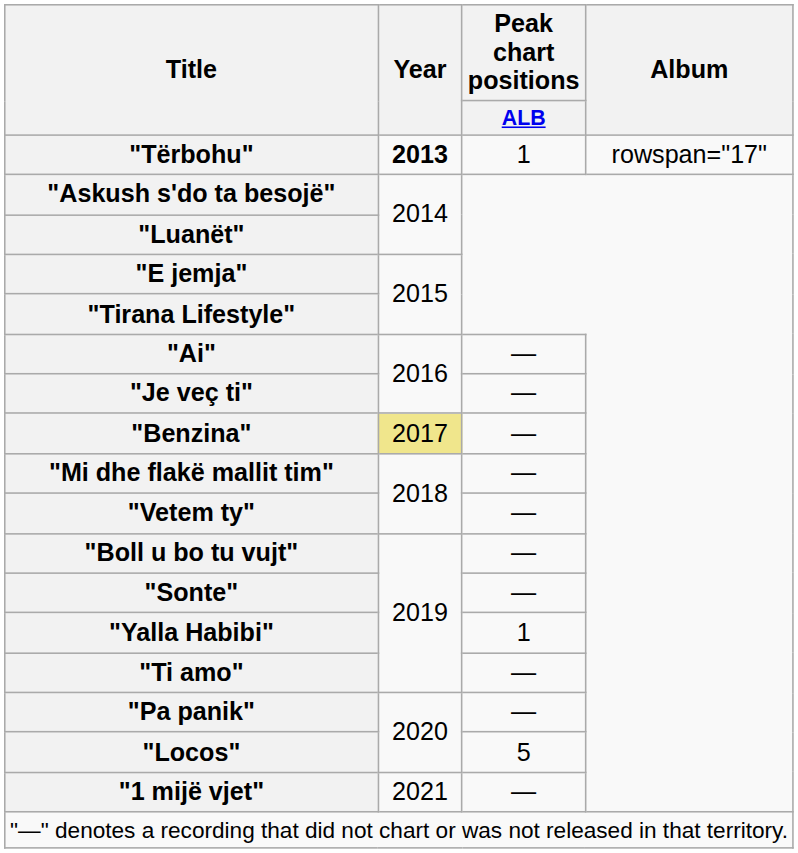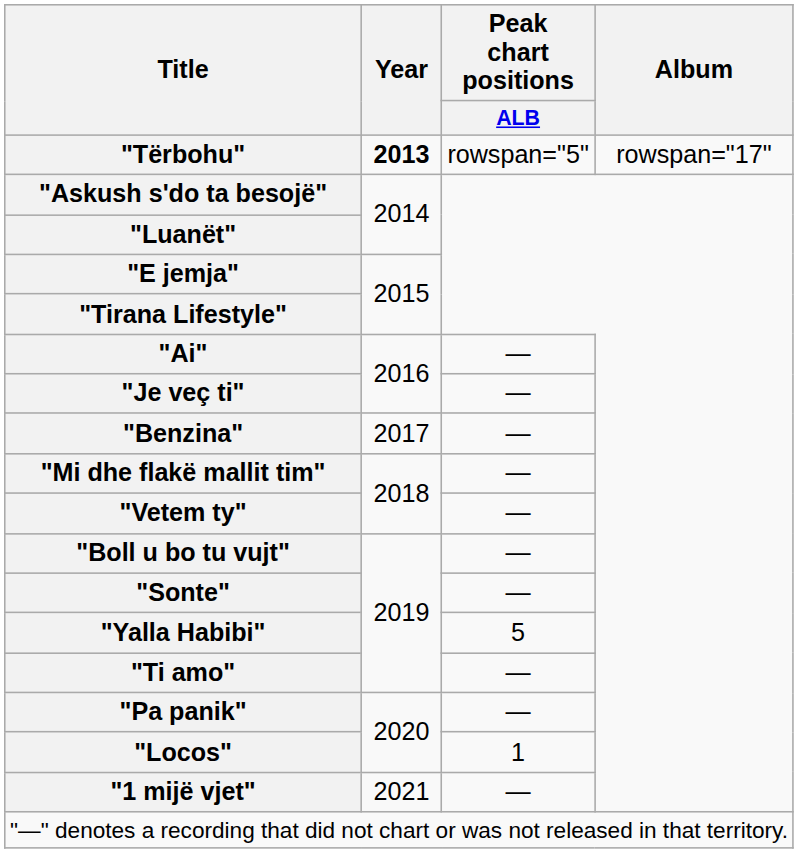 <table class="wikitable plainrowheaders" style="text-align:center;">
 <tr>
 <th scope="col" rowspan="2">Title</th>
 <th scope="col" rowspan="2">Year</th>
 <th scope="col" colspan="1">Peak<br>chart<br>positions</th>
 <th scope="col" rowspan="2">Album</th>
 </tr>
 <tr>
 <th scope="col" style="width:3em;font-size:85%;"><a href='#'>ALB</a><br></th>
 </tr>
 <tr>
 <th scope="row">"Tërbohu"</th>
 <td><strong>2013</strong></td>
-<td>1</td>
+<td>rowspan="5" </td>
 <td>rowspan="17" </td>
 </tr>
 <tr>
 <th scope="row">"Askush s'do ta besojë"</th>
 <td rowspan="2">2014</td>
 </tr>
 <tr>
 <th scope="row">"Luanët"<br></th>
 </tr>
 <tr>
 <th scope="row">"E jemja"</th>
 <td rowspan="2">2015</td>
 </tr>
 <tr>
 <th scope="row">"Tirana Lifestyle"<br></th>
 </tr>
 <tr>
 <th scope="row">"Ai"</th>
 <td rowspan="2">2016</td>
 <td>—</td>
 </tr>
 <tr>
 <th scope="row">"Je veç ti"</th>
 <td>—</td>
 </tr>
 <tr>
 <th scope="row">"Benzina"</th>
-<td style="background: khaki;">2017</td>
+<td>2017</td>
 <td>—</td>
 </tr>
 <tr>
 <th scope="row">"Mi dhe flakë mallit tim"<br></th>
 <td rowspan="2">2018</td>
 <td>—</td>
 </tr>
 <tr>
 <th scope="row">"Vetem ty"</th>
 <td>—</td>
 </tr>
 <tr>
 <th scope="row">"Boll u bo tu vujt"</th>
 <td rowspan="4">2019</td>
 <td>—</td>
 </tr>
 <tr>
 <th scope="row">"Sonte"<br></th>
 <td>—</td>
 </tr>
 <tr>
 <th scope="row">"Yalla Habibi"<br></th>
-<td>1</td>
+<td>5</td>
 </tr>
 <tr>
 <th scope="row">"Ti amo"</th>
 <td>—</td>
 </tr>
 <tr>
 <th scope="row">"Pa panik"</th>
 <td rowspan="2">2020</td>
 <td>—</td>
 </tr>
 <tr>
 <th scope="row">"Locos"<br></th>
-<td>5</td>
+<td>1</td>
 </tr>
 <tr>
 <th scope="row">"1 mijë vjet"</th>
 <td rowspan="1">2021</td>
 <td>—</td>
 </tr>
 <tr>
 <td colspan="11" style="font-size:90%">"—" denotes a recording that did not chart or was not released in that territory.</td>
 </tr>
 </table>
